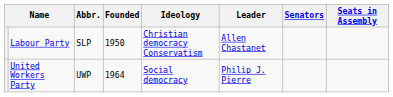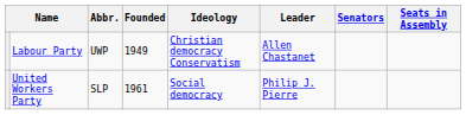 <table class="wikitable sortable">
 <tr>
 <th colspan=2>Name</th>
 <th>Abbr.</th>
 <th>Founded</th>
 <th>Ideology</th>
 <th>Leader</th>
 <th><a href='#'>Senators</a></th>
 <th><a href='#'>Seats in Assembly</a></th>
 </tr>
 <tr>
 <th style="background-color: "></th>
 <td><a href='#'>Labour Party</a></td>
-<td>SLP</td>
-<td>1950</td>
+<td>UWP</td>
+<td>1949</td>
 <td><a href='#'>Christian democracy</a><br><a href='#'>Conservatism</a></td>
 <td><a href='#'>Allen Chastanet</a></td>
 <td></td>
 <td></td>
 </tr>
 <tr>
 <th style="background-color: "></th>
 <td><a href='#'>United Workers Party</a></td>
-<td>UWP</td>
-<td>1964</td>
+<td>SLP</td>
+<td>1961</td>
 <td><a href='#'>Social democracy</a></td>
 <td><a href='#'>Philip J. Pierre</a></td>
 <td></td>
 <td></td>
 </tr>
 </table>
